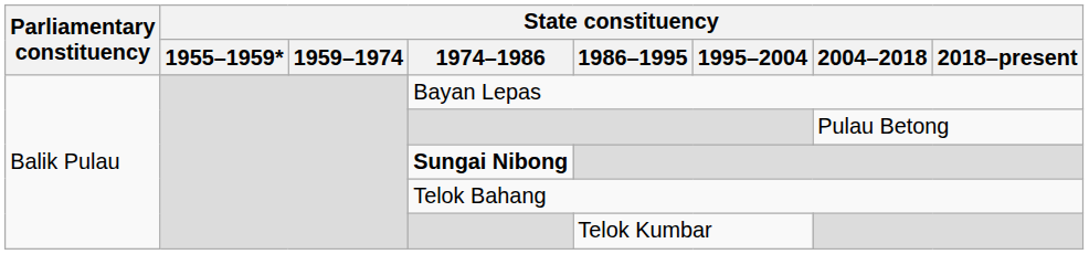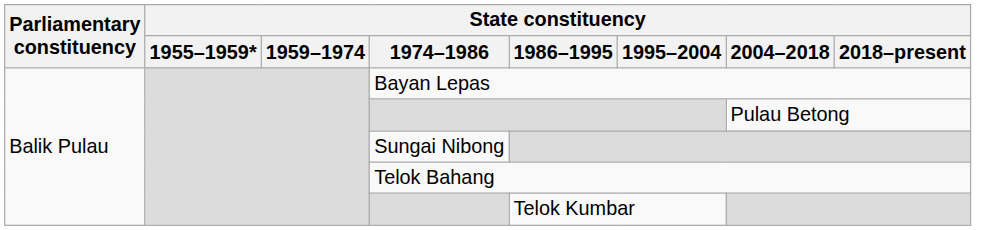 <table class="wikitable">
 <tr>
 <th rowspan="2">Parliamentary<br>constituency</th>
 <th colspan="7">State constituency</th>
 </tr>
 <tr>
 <th>1955–1959*</th>
 <th>1959–1974</th>
 <th>1974–1986</th>
 <th>1986–1995</th>
 <th>1995–2004</th>
 <th>2004–2018</th>
 <th>2018–present</th>
 </tr>
 <tr>
 <td rowspan="5">Balik Pulau</td>
 <td colspan="2" rowspan="5" bgcolor="dcdcdc"></td>
 <td colspan="5">Bayan Lepas</td>
 </tr>
 <tr>
 <td colspan="3" bgcolor="dcdcdc"></td>
 <td colspan="2">Pulau Betong</td>
 </tr>
 <tr>
-<td><strong>Sungai Nibong</strong></td>
+<td>Sungai Nibong</td>
 <td colspan="4" bgcolor="dcdcdc"></td>
 </tr>
 <tr>
 <td colspan="5">Telok Bahang</td>
 </tr>
 <tr>
 <td bgcolor="dcdcdc"></td>
 <td colspan="2">Telok Kumbar</td>
 <td colspan="2" bgcolor="dcdcdc"></td>
 </tr>
 </table>
